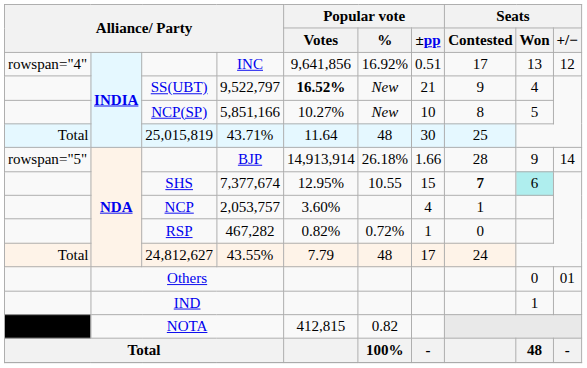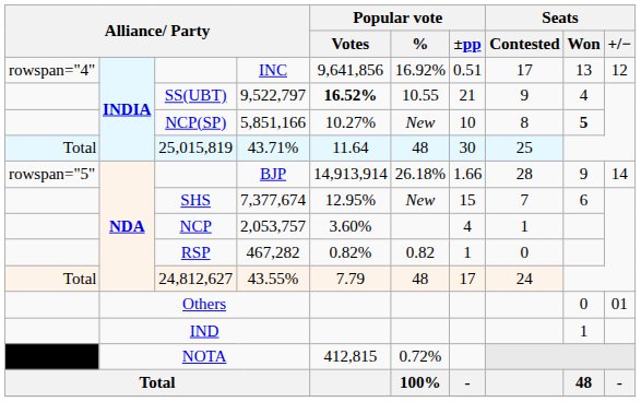 <table class="wikitable sortable" style="text-align:center;">
 <tr>
 <th colspan="4" rowspan="2">Alliance/ Party</th>
 <th colspan="3">Popular vote</th>
 <th colspan="3">Seats</th>
 </tr>
 <tr>
 <th>Votes</th>
 <th>%</th>
 <th>±<a href='#'>pp</a></th>
 <th>Contested</th>
 <th>Won</th>
 <th><strong>+/−</strong></th>
 </tr>
 <tr>
 <td>rowspan="4" </td>
 <th rowspan="4"style="background:#E5F8FF"><a href='#'>INDIA</a></th>
 <td></td>
 <td><a href='#'>INC</a></td>
 <td>9,641,856</td>
 <td>16.92%</td>
 <td> 0.51</td>
 <td>17</td>
 <td>13</td>
 <td> 12</td>
 </tr>
 <tr>
 <td></td>
 <td><a href='#'>SS(UBT)</a></td>
 <td>9,522,797</td>
 <td><strong>16.52%</strong></td>
-<td><em>New</em></td>
+<td> 10.55</td>
 <td>21</td>
 <td>9</td>
 <td> 4</td>
 </tr>
 <tr>
 <td></td>
 <td><a href='#'>NCP(SP)</a></td>
 <td>5,851,166</td>
 <td>10.27%</td>
 <td><em>New</em></td>
 <td>10</td>
 <td>8</td>
-<td> 5</td>
+<td><strong> 5</strong></td>
 </tr>
 <tr>
 <td colspan="2"style="background:#E5F8FF">Total</td>
 <td style="background:#E5F8FF">25,015,819</td>
 <td style="background:#E5F8FF">43.71%</td>
 <td style="background:#E5F8FF"> 11.64</td>
 <td style="background:#E5F8FF">48</td>
 <td style="background:#E5F8FF">30</td>
 <td style="background:#E5F8FF"> 25</td>
 </tr>
 <tr>
 <td>rowspan="5" </td>
 <th rowspan="5"style="background:#fef3e8"><a href='#'>NDA</a></th>
 <td></td>
 <td><a href='#'>BJP</a></td>
 <td>14,913,914</td>
 <td>26.18%</td>
 <td> 1.66</td>
 <td>28</td>
 <td>9</td>
 <td> 14</td>
 </tr>
 <tr>
 <td></td>
 <td><a href='#'>SHS</a></td>
 <td>7,377,674</td>
 <td>12.95%</td>
-<td> 10.55</td>
+<td><em>New</em></td>
 <td>15</td>
-<td><strong>7</strong></td>
-<td style="background: paleturquoise;">6</td>
+<td>7</td>
+<td>6</td>
 </tr>
 <tr>
 <td></td>
 <td><a href='#'>NCP</a></td>
 <td>2,053,757</td>
 <td>3.60%</td>
 <td></td>
 <td>4</td>
 <td>1</td>
 <td></td>
 </tr>
 <tr>
 <td></td>
 <td><a href='#'>RSP</a></td>
 <td>467,282</td>
 <td>0.82%</td>
-<td>0.72%</td>
+<td> 0.82</td>
 <td>1</td>
 <td>0</td>
 <td></td>
 </tr>
 <tr>
 <td colspan="2"style="background:#fef3e8">Total</td>
 <td style="background:#fef3e8">24,812,627</td>
 <td style="background:#fef3e8">43.55%</td>
 <td style="background:#fef3e8"> 7.79</td>
 <td style="background:#fef3e8">48</td>
 <td style="background:#fef3e8">17</td>
 <td style="background:#fef3e8"> 24</td>
 </tr>
 <tr>
 <td></td>
 <td colspan="3"><a href='#'>Others</a></td>
 <td></td>
 <td></td>
 <td></td>
 <td></td>
 <td>0</td>
 <td> 01</td>
 </tr>
 <tr>
 <td></td>
 <td colspan="3"><a href='#'>IND</a></td>
 <td></td>
 <td></td>
 <td></td>
 <td></td>
 <td>1</td>
 <td></td>
 </tr>
 <tr>
 <td bgcolor="Black"></td>
 <td colspan="3"><a href='#'>NOTA</a></td>
 <td>412,815</td>
-<td> 0.82</td>
+<td>0.72%</td>
 <td></td>
 <th colspan="3" style="background-color:#E9E9E9"></th>
 </tr>
 <tr>
 <th colspan="4">Total</th>
 <th></th>
 <th>100%</th>
 <th>-</th>
 <th></th>
 <th>48</th>
 <th>-</th>
 </tr>
 <tr>
 </tr>
 </table>
